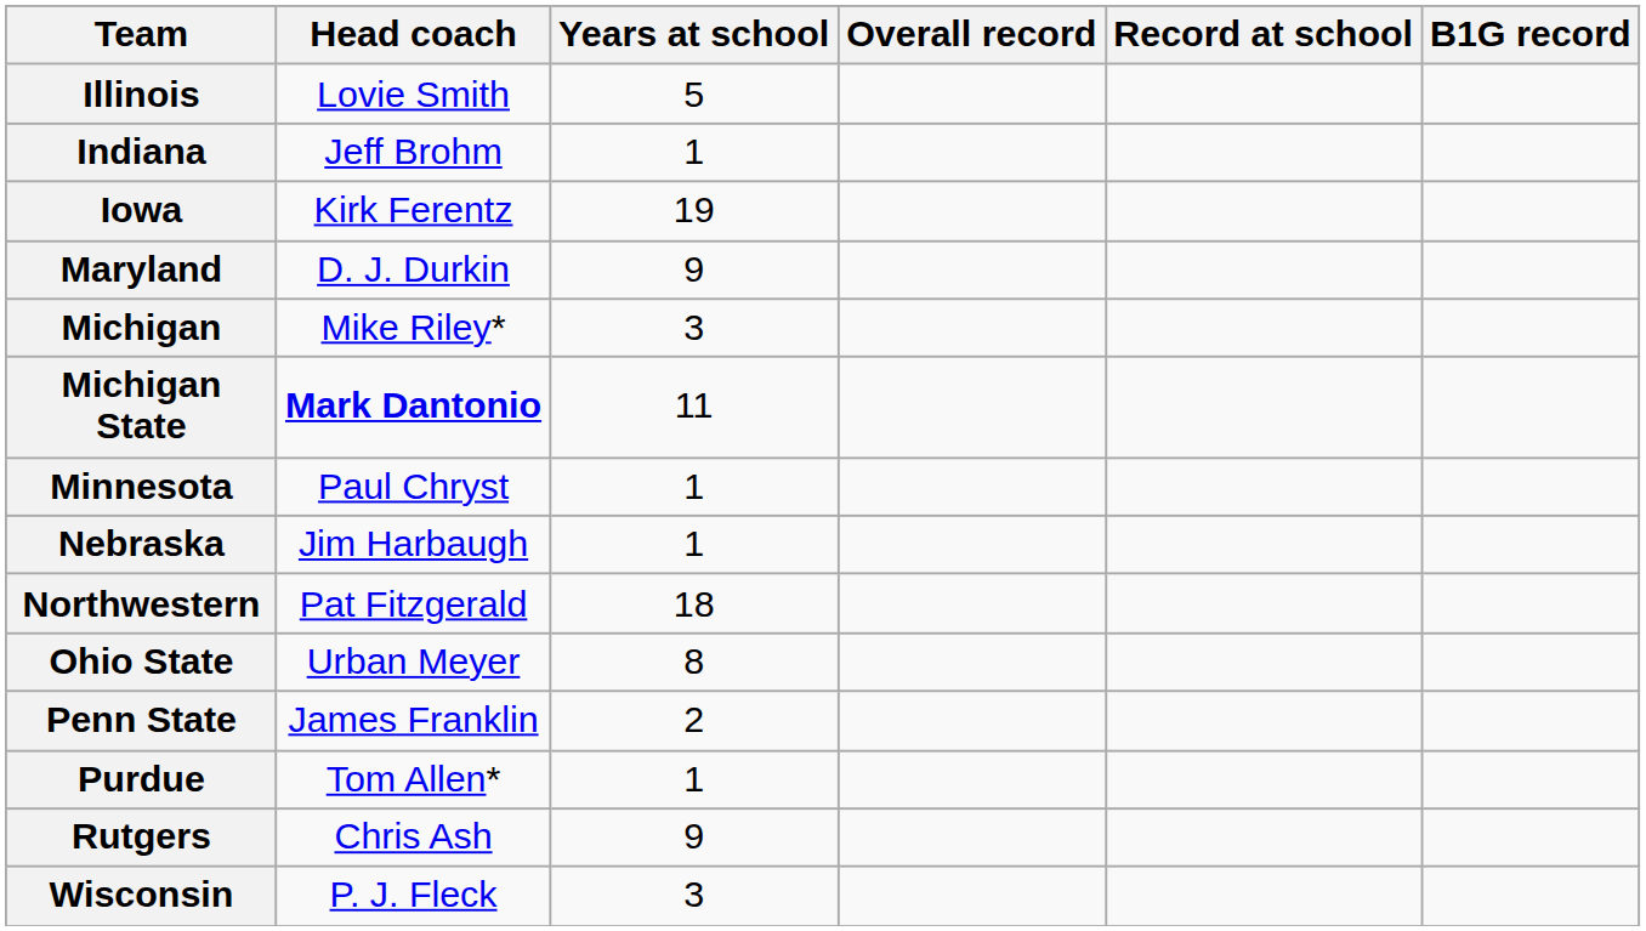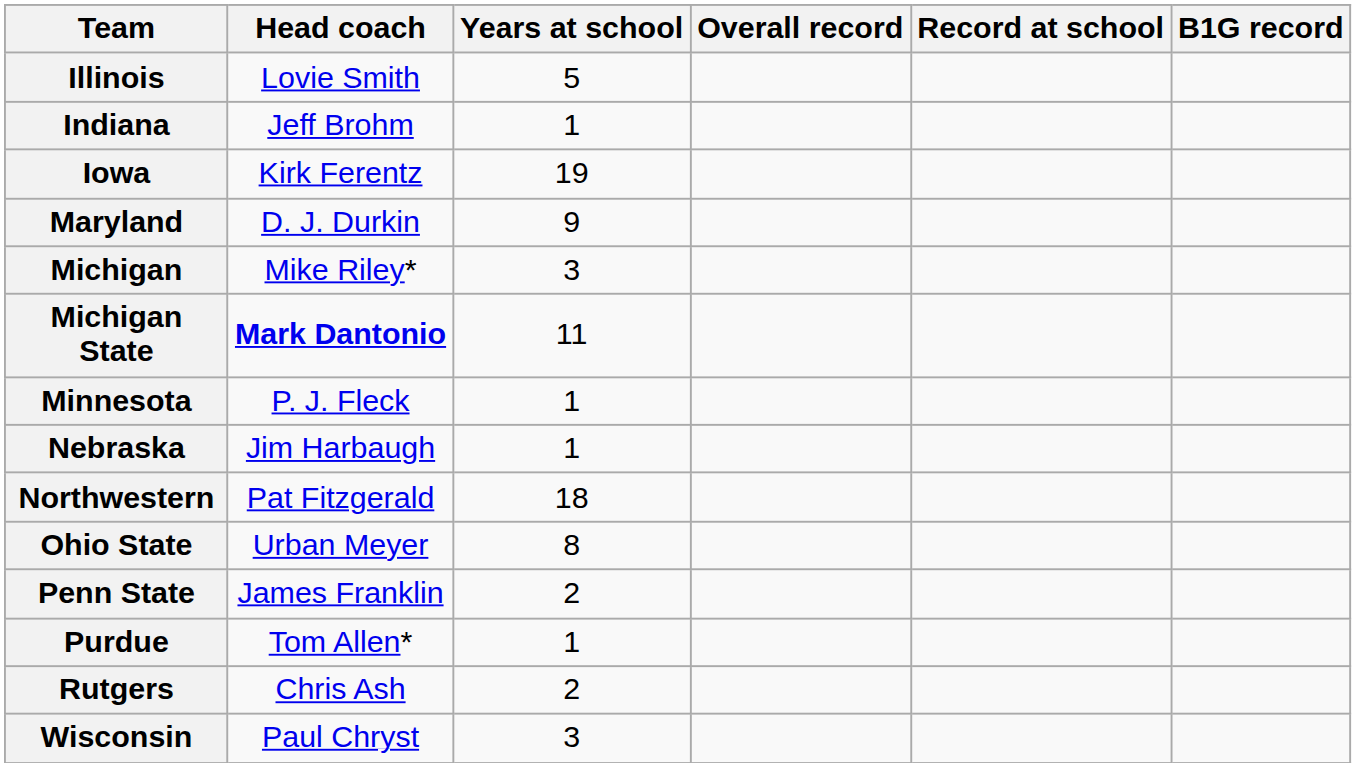 <table class="wikitable sortable" style="text-align: center;">
 <tr>
 <th width="110">Team</th>
 <th>Head coach</th>
 <th>Years at school</th>
 <th>Overall record</th>
 <th>Record at school</th>
 <th>B1G record</th>
 </tr>
 <tr>
 <th>Illinois</th>
 <td><a href='#'>Lovie Smith</a></td>
 <td>5</td>
 <td data-sort-value=></td>
 <td data-sort-value=></td>
 <td data-sort-value=></td>
 </tr>
 <tr>
 <th>Indiana</th>
 <td><a href='#'>Jeff Brohm</a></td>
 <td>1</td>
 <td data-sort-value=></td>
 <td data-sort-value=></td>
 <td data-sort-value=></td>
 </tr>
 <tr>
 <th>Iowa</th>
 <td><a href='#'>Kirk Ferentz</a></td>
 <td>19</td>
 <td data-sort-value=></td>
 <td data-sort-value=></td>
 <td data-sort-value=></td>
 </tr>
 <tr>
 <th>Maryland</th>
 <td><a href='#'>D. J. Durkin</a></td>
 <td>9</td>
 <td data-sort-value=></td>
 <td data-sort-value=></td>
 <td data-sort-value=></td>
 </tr>
 <tr>
 <th>Michigan</th>
 <td><a href='#'>Mike Riley</a>*</td>
 <td>3</td>
 <td data-sort-value=></td>
 <td data-sort-value=></td>
 <td data-sort-value=></td>
 </tr>
 <tr>
 <th>Michigan State</th>
 <td><strong><a href='#'>Mark Dantonio</a></strong></td>
 <td>11</td>
 <td data-sort-value=></td>
 <td data-sort-value=></td>
 <td data-sort-value=></td>
 </tr>
 <tr>
 <th>Minnesota</th>
-<td><a href='#'>Paul Chryst</a></td>
+<td><a href='#'>P. J. Fleck</a></td>
 <td>1</td>
 <td data-sort-value=></td>
 <td data-sort-value=></td>
 <td data-sort-value=></td>
 </tr>
 <tr>
 <th>Nebraska</th>
 <td><a href='#'>Jim Harbaugh</a></td>
 <td>1</td>
 <td data-sort-value=></td>
 <td data-sort-value=></td>
 <td data-sort-value=></td>
 </tr>
 <tr>
 <th>Northwestern</th>
 <td><a href='#'>Pat Fitzgerald</a></td>
 <td>18</td>
 <td data-sort-value=></td>
 <td data-sort-value=></td>
 <td data-sort-value=></td>
 </tr>
 <tr>
 <th>Ohio State</th>
 <td><a href='#'>Urban Meyer</a></td>
 <td>8</td>
 <td data-sort-value=></td>
 <td data-sort-value=></td>
 <td data-sort-value=></td>
 </tr>
 <tr>
 <th>Penn State</th>
 <td><a href='#'>James Franklin</a></td>
 <td>2</td>
 <td data-sort-value=></td>
 <td data-sort-value=></td>
 <td data-sort-value=></td>
 </tr>
 <tr>
 <th>Purdue</th>
 <td><a href='#'>Tom Allen</a>*</td>
 <td>1</td>
 <td data-sort-value=></td>
 <td data-sort-value=></td>
 <td data-sort-value=></td>
 </tr>
 <tr>
 <th>Rutgers</th>
 <td><a href='#'>Chris Ash</a></td>
-<td>9</td>
+<td>2</td>
 <td data-sort-value=></td>
 <td data-sort-value=></td>
 <td data-sort-value=></td>
 </tr>
 <tr>
 <th>Wisconsin</th>
-<td><a href='#'>P. J. Fleck</a></td>
+<td><a href='#'>Paul Chryst</a></td>
 <td>3</td>
 <td data-sort-value=></td>
 <td data-sort-value=></td>
 <td data-sort-value=></td>
 </tr>
 </table>
